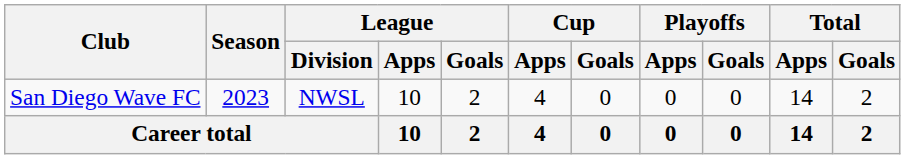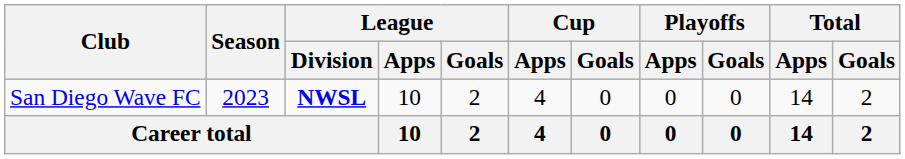 <table class="wikitable" style="text-align: center;">
 <tr>
 <th rowspan=2 scope="col">Club</th>
 <th rowspan=2 scope="col">Season</th>
 <th colspan=3 scope="col">League</th>
 <th colspan=2 scope="col">Cup</th>
 <th colspan=2 scope="col">Playoffs</th>
 <th colspan=2 scope="col">Total</th>
 </tr>
 <tr>
 <th>Division</th>
 <th>Apps</th>
 <th>Goals</th>
 <th>Apps</th>
 <th>Goals</th>
 <th>Apps</th>
 <th>Goals</th>
 <th>Apps</th>
 <th>Goals</th>
 </tr>
 <tr>
 <td><a href='#'>San Diego Wave FC</a></td>
 <td><a href='#'>2023</a></td>
-<td><a href='#'>NWSL</a></td>
+<td><strong><a href='#'>NWSL</a></strong></td>
 <td>10</td>
 <td>2</td>
 <td>4</td>
 <td>0</td>
 <td>0</td>
 <td>0</td>
 <td>14</td>
 <td>2</td>
 </tr>
 <tr>
 <th colspan=3>Career total</th>
 <th>10</th>
 <th>2</th>
 <th>4</th>
 <th>0</th>
 <th>0</th>
 <th>0</th>
 <th>14</th>
 <th>2</th>
 </tr>
 </table>
